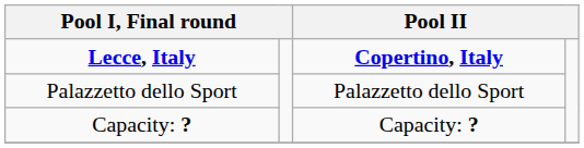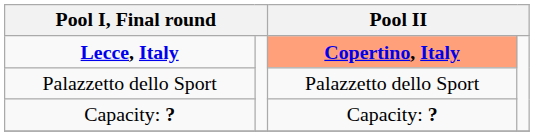 <table class="wikitable" style="text-align: center;">
 <tr>
 <th colspan="2" style="width: 50%;">Pool I, Final round</th>
 <th colspan="2" style="width: 50%;">Pool II</th>
 </tr>
 <tr>
 <td><strong> <a href='#'>Lecce</a>, <a href='#'>Italy</a></strong></td>
 <td rowspan="3"></td>
-<td><strong> <a href='#'>Copertino</a>, <a href='#'>Italy</a></strong></td>
+<td style="background: lightsalmon;"><strong> <a href='#'>Copertino</a>, <a href='#'>Italy</a></strong></td>
 <td rowspan="3"></td>
 </tr>
 <tr>
 <td>Palazzetto dello Sport</td>
 <td>Palazzetto dello Sport</td>
 </tr>
 <tr>
 <td>Capacity: <strong>?</strong></td>
 <td>Capacity: <strong>?</strong></td>
 </tr>
 <tr>
 </tr>
 </table>
